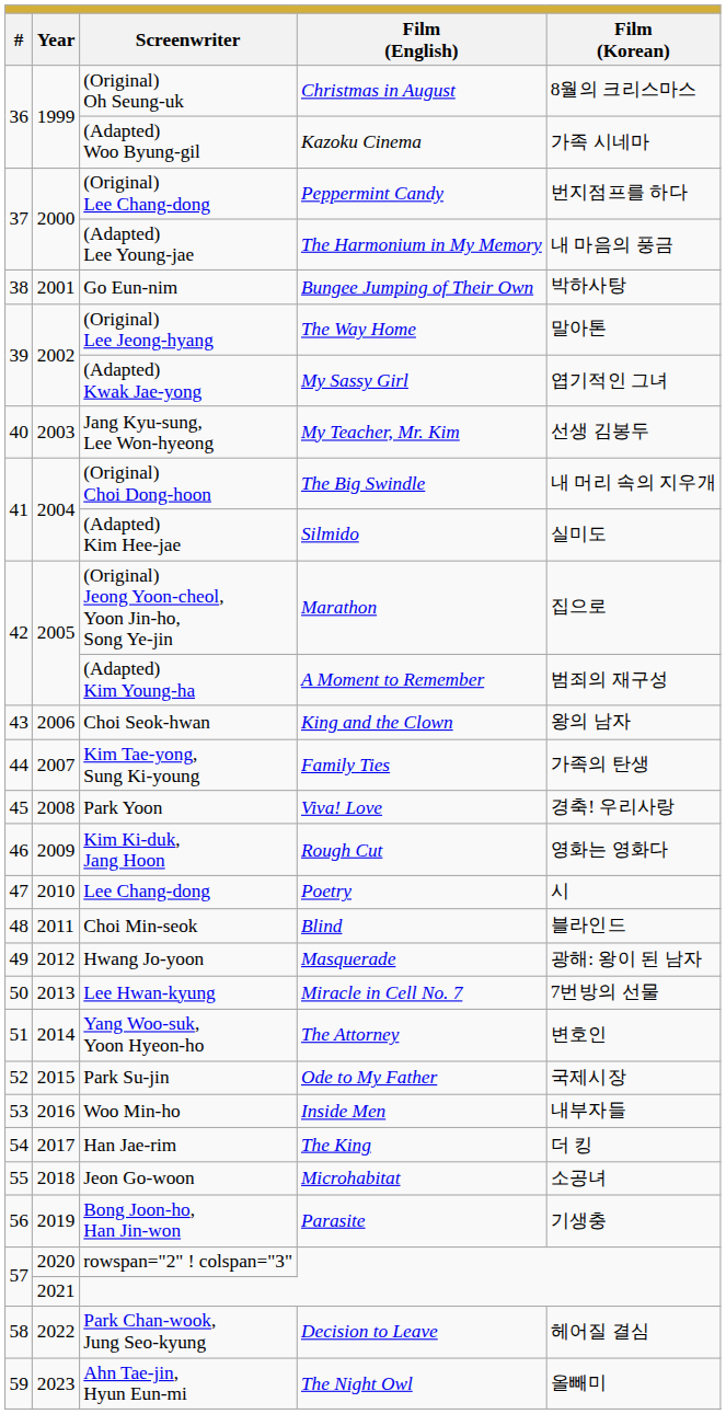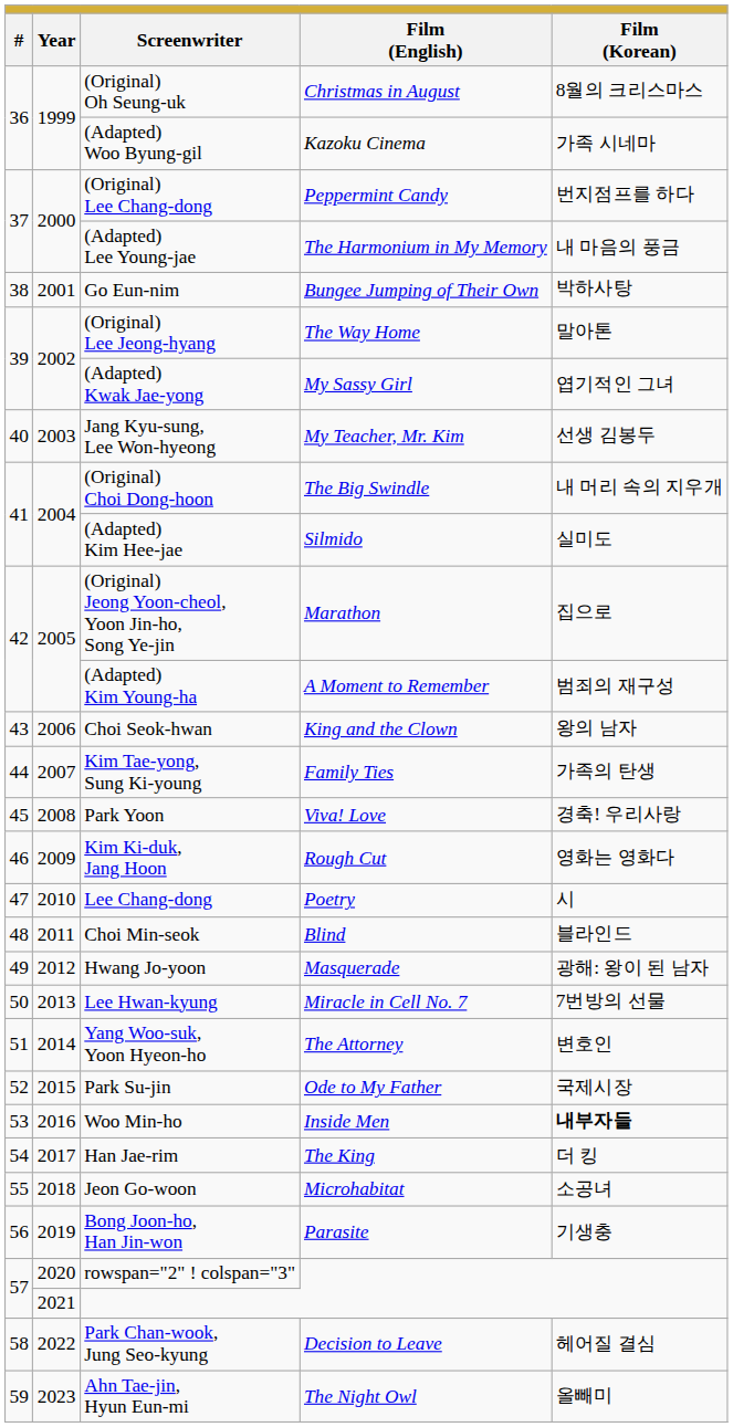 <table class="wikitable collapsible collapsed">
 <tr>
 <th colspan="5" style="background: #D4AF37;"></th>
 </tr>
 <tr>
 <th>#</th>
 <th>Year</th>
 <th>Screenwriter</th>
 <th>Film<br>(English)</th>
 <th>Film<br>(Korean)</th>
 </tr>
 <tr>
 <td rowspan="2">36</td>
 <td rowspan="2">1999</td>
 <td>(Original)<br>Oh Seung-uk</td>
 <td><em><a href='#'>Christmas in August</a></em></td>
 <td>8월의 크리스마스</td>
 </tr>
 <tr>
 <td>(Adapted)<br>Woo Byung-gil</td>
 <td><em>Kazoku Cinema</em></td>
 <td>가족 시네마</td>
 </tr>
 <tr>
 <td rowspan="2">37</td>
 <td rowspan="2">2000</td>
 <td>(Original)<br><a href='#'>Lee Chang-dong</a></td>
 <td><em><a href='#'>Peppermint Candy</a></em></td>
 <td>번지점프를 하다</td>
 </tr>
 <tr>
 <td>(Adapted)<br>Lee Young-jae</td>
 <td><em><a href='#'>The Harmonium in My Memory</a></em></td>
 <td>내 마음의 풍금</td>
 </tr>
 <tr>
 <td>38</td>
 <td>2001</td>
 <td>Go Eun-nim</td>
 <td><em><a href='#'>Bungee Jumping of Their Own</a></em></td>
 <td>박하사탕</td>
 </tr>
 <tr>
 <td rowspan="2">39</td>
 <td rowspan="2">2002</td>
 <td>(Original)<br><a href='#'>Lee Jeong-hyang</a></td>
 <td><em><a href='#'>The Way Home</a></em></td>
 <td>말아톤</td>
 </tr>
 <tr>
 <td>(Adapted)<br><a href='#'>Kwak Jae-yong</a></td>
 <td><em><a href='#'>My Sassy Girl</a></em></td>
 <td>엽기적인 그녀</td>
 </tr>
 <tr>
 <td>40</td>
 <td>2003</td>
 <td>Jang Kyu-sung,<br>Lee Won-hyeong</td>
 <td><em><a href='#'>My Teacher, Mr. Kim</a></em></td>
 <td>선생 김봉두</td>
 </tr>
 <tr>
 <td rowspan="2">41</td>
 <td rowspan="2">2004</td>
 <td>(Original)<br><a href='#'>Choi Dong-hoon</a></td>
 <td><em><a href='#'>The Big Swindle</a></em></td>
 <td>내 머리 속의 지우개</td>
 </tr>
 <tr>
 <td>(Adapted)<br>Kim Hee-jae</td>
 <td><em><a href='#'>Silmido</a></em></td>
 <td>실미도</td>
 </tr>
 <tr>
 <td rowspan="2">42</td>
 <td rowspan="2">2005</td>
 <td>(Original)<br><a href='#'>Jeong Yoon-cheol</a>,<br>Yoon Jin-ho,<br>Song Ye-jin</td>
 <td><em><a href='#'>Marathon</a></em></td>
 <td>집으로</td>
 </tr>
 <tr>
 <td>(Adapted)<br><a href='#'>Kim Young-ha</a></td>
 <td><em><a href='#'>A Moment to Remember</a></em></td>
 <td>범죄의 재구성</td>
 </tr>
 <tr>
 <td>43</td>
 <td>2006</td>
 <td>Choi Seok-hwan</td>
 <td><em><a href='#'>King and the Clown</a></em></td>
 <td>왕의 남자</td>
 </tr>
 <tr>
 <td>44</td>
 <td>2007</td>
 <td><a href='#'>Kim Tae-yong</a>,<br>Sung Ki-young</td>
 <td><em><a href='#'>Family Ties</a></em></td>
 <td>가족의 탄생</td>
 </tr>
 <tr>
 <td>45</td>
 <td>2008</td>
 <td>Park Yoon</td>
 <td><em><a href='#'>Viva! Love</a></em></td>
 <td>경축! 우리사랑</td>
 </tr>
 <tr>
 <td>46</td>
 <td>2009</td>
 <td><a href='#'>Kim Ki-duk</a>,<br><a href='#'>Jang Hoon</a></td>
 <td><em><a href='#'>Rough Cut</a></em></td>
 <td>영화는 영화다</td>
 </tr>
 <tr>
 <td>47</td>
 <td>2010</td>
 <td><a href='#'>Lee Chang-dong</a></td>
 <td><em><a href='#'>Poetry</a></em></td>
 <td>시</td>
 </tr>
 <tr>
 <td>48</td>
 <td>2011</td>
 <td>Choi Min-seok</td>
 <td><em><a href='#'>Blind</a></em></td>
 <td>블라인드</td>
 </tr>
 <tr>
 <td>49</td>
 <td>2012</td>
 <td>Hwang Jo-yoon</td>
 <td><em><a href='#'>Masquerade</a></em></td>
 <td>광해: 왕이 된 남자</td>
 </tr>
 <tr>
 <td>50</td>
 <td>2013</td>
 <td><a href='#'>Lee Hwan-kyung</a></td>
 <td><em><a href='#'>Miracle in Cell No. 7</a></em></td>
 <td>7번방의 선물</td>
 </tr>
 <tr>
 <td>51</td>
 <td>2014</td>
 <td><a href='#'>Yang Woo-suk</a>,<br>Yoon Hyeon-ho</td>
 <td><em><a href='#'>The Attorney</a></em></td>
 <td>변호인</td>
 </tr>
 <tr>
 <td>52</td>
 <td>2015</td>
 <td>Park Su-jin</td>
 <td><em><a href='#'>Ode to My Father</a></em></td>
 <td>국제시장</td>
 </tr>
 <tr>
 <td>53</td>
 <td>2016</td>
 <td>Woo Min-ho</td>
 <td><em><a href='#'>Inside Men</a></em></td>
-<td>내부자들</td>
+<td><strong>내부자들</strong></td>
 </tr>
 <tr>
 <td>54</td>
 <td>2017</td>
 <td>Han Jae-rim</td>
 <td><em><a href='#'>The King</a></em></td>
 <td>더 킹</td>
 </tr>
 <tr>
 <td>55</td>
 <td>2018</td>
 <td>Jeon Go-woon</td>
 <td><em><a href='#'>Microhabitat</a></em></td>
 <td>소공녀</td>
 </tr>
 <tr>
 <td>56</td>
 <td>2019</td>
 <td><a href='#'>Bong Joon-ho</a>,<br><a href='#'>Han Jin-won</a></td>
 <td><em><a href='#'>Parasite</a></em></td>
 <td>기생충</td>
 </tr>
 <tr>
 <td rowspan="2">57</td>
 <td>2020</td>
 <td>rowspan="2" ! colspan="3" </td>
 </tr>
 <tr>
 <td>2021</td>
 </tr>
 <tr>
 <td>58</td>
 <td>2022</td>
 <td><a href='#'>Park Chan-wook</a>,<br>Jung Seo-kyung</td>
 <td><em><a href='#'>Decision to Leave</a></em></td>
 <td>헤어질 결심</td>
 </tr>
 <tr>
 <td>59</td>
 <td>2023</td>
 <td><a href='#'>Ahn Tae-jin</a>,<br>Hyun Eun-mi</td>
 <td><em><a href='#'>The Night Owl</a></em></td>
 <td>올빼미</td>
 </tr>
 <tr>
 </tr>
 </table>
